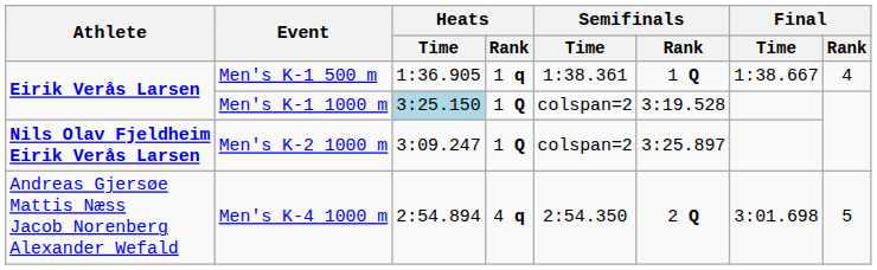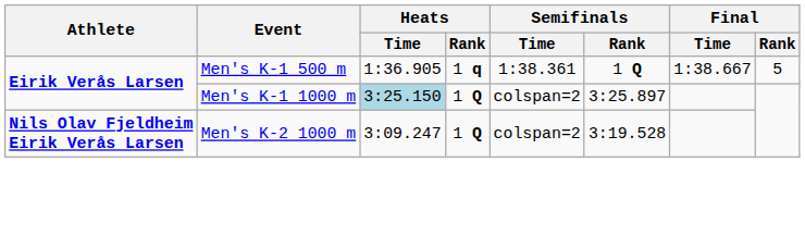 <table class="wikitable" style="font-size:90%">
 <tr>
 <th rowspan=2>Athlete</th>
 <th rowspan=2>Event</th>
 <th colspan=2>Heats</th>
 <th colspan=2>Semifinals</th>
 <th colspan=2>Final</th>
 </tr>
 <tr style="font-size:95%">
 <th>Time</th>
 <th>Rank</th>
 <th>Time</th>
 <th>Rank</th>
 <th>Time</th>
 <th>Rank</th>
 </tr>
 <tr align=center>
 <td align=left rowspan=2><strong><a href='#'>Eirik Verås Larsen</a></strong></td>
 <td align=left><a href='#'>Men's K-1 500 m</a></td>
 <td>1:36.905</td>
 <td>1 <strong>q</strong></td>
 <td>1:38.361</td>
 <td>1 <strong>Q</strong></td>
 <td>1:38.667</td>
-<td>4</td>
+<td>5</td>
 </tr>
 <tr align=center>
 <td align=left><a href='#'>Men's K-1 1000 m</a></td>
 <td style="background: lightblue;">3:25.150</td>
 <td>1 <strong>Q</strong></td>
 <td>colspan=2 </td>
-<td>3:19.528</td>
+<td>3:25.897</td>
 <td></td>
 </tr>
 <tr align=center>
 <td align=left><strong><a href='#'>Nils Olav Fjeldheim</a><br><a href='#'>Eirik Verås Larsen</a></strong></td>
 <td align=left><a href='#'>Men's K-2 1000 m</a></td>
 <td>3:09.247</td>
 <td>1 <strong>Q</strong></td>
 <td>colspan=2 </td>
-<td>3:25.897</td>
+<td>3:19.528</td>
 <td></td>
 </tr>
-<tr align=center>
-<td align=left><a href='#'>Andreas Gjersøe</a><br><a href='#'>Mattis Næss</a><br><a href='#'>Jacob Norenberg</a><br><a href='#'>Alexander Wefald</a></td>
-<td align=left><a href='#'>Men's K-4 1000 m</a></td>
-<td>2:54.894</td>
-<td>4 <strong>q</strong></td>
-<td>2:54.350</td>
-<td>2 <strong>Q</strong></td>
-<td>3:01.698</td>
-<td>5</td>
-</tr>
 </table>
